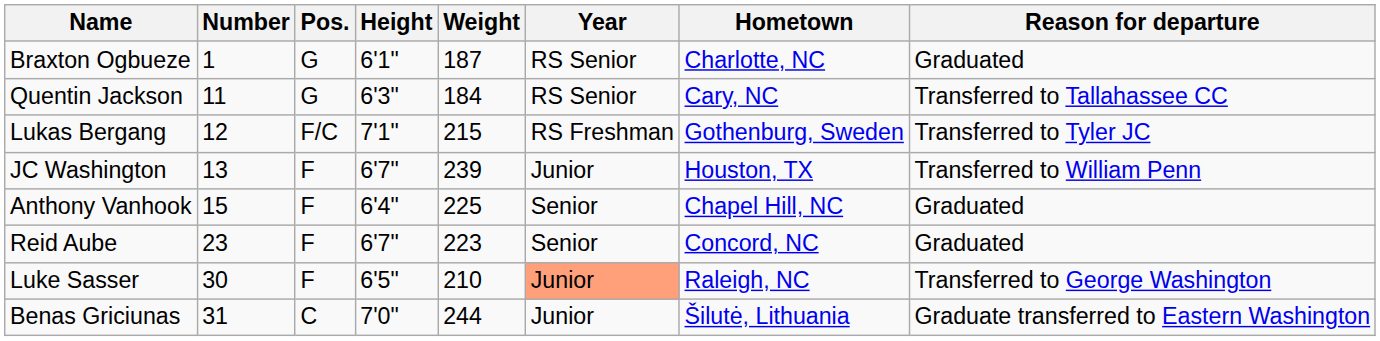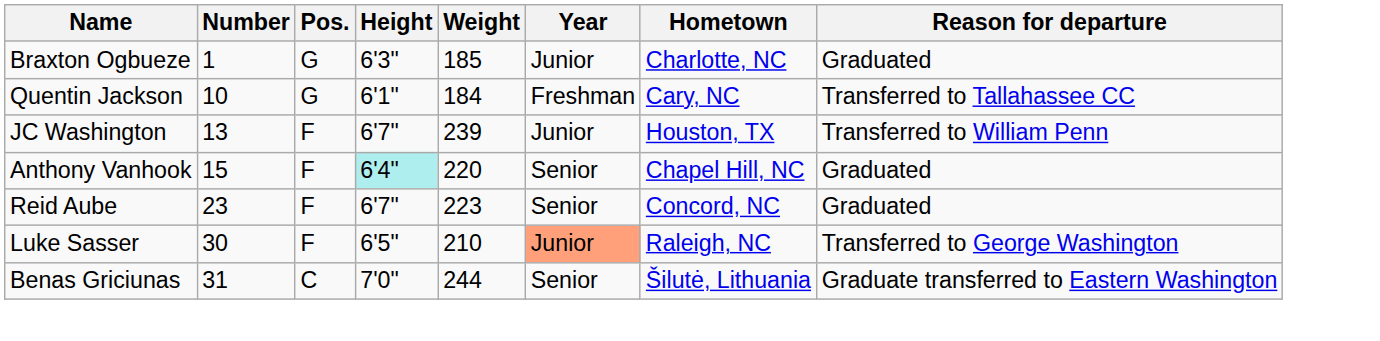 <table class="wikitable sortable" border="1">
 <tr>
 <th>Name</th>
 <th>Number</th>
 <th>Pos.</th>
 <th>Height</th>
 <th>Weight</th>
 <th>Year</th>
 <th>Hometown</th>
 <th>Reason for departure</th>
 </tr>
 <tr>
 <td>Braxton Ogbueze</td>
 <td>1</td>
 <td>G</td>
-<td>6'1"</td>
-<td>187</td>
-<td>RS Senior</td>
+<td>6'3"</td>
+<td>185</td>
+<td>Junior</td>
 <td><a href='#'>Charlotte, NC</a></td>
 <td>Graduated</td>
 </tr>
 <tr>
 <td>Quentin Jackson</td>
-<td>11</td>
+<td>10</td>
 <td>G</td>
-<td>6'3"</td>
+<td>6'1"</td>
 <td>184</td>
-<td>RS Senior</td>
+<td>Freshman</td>
 <td><a href='#'>Cary, NC</a></td>
 <td>Transferred to <a href='#'>Tallahassee CC</a></td>
-</tr>
-<tr>
-<td>Lukas Bergang</td>
-<td>12</td>
-<td>F/C</td>
-<td>7'1"</td>
-<td>215</td>
-<td>RS Freshman</td>
-<td><a href='#'>Gothenburg, Sweden</a></td>
-<td>Transferred to <a href='#'>Tyler JC</a></td>
 </tr>
 <tr>
 <td>JC Washington</td>
 <td>13</td>
 <td>F</td>
 <td>6'7"</td>
 <td>239</td>
 <td>Junior</td>
 <td><a href='#'>Houston, TX</a></td>
 <td>Transferred to <a href='#'>William Penn</a></td>
 </tr>
 <tr>
 <td>Anthony Vanhook</td>
 <td>15</td>
 <td>F</td>
-<td>6'4"</td>
-<td>225</td>
+<td style="background: paleturquoise;">6'4"</td>
+<td>220</td>
 <td>Senior</td>
 <td><a href='#'>Chapel Hill, NC</a></td>
 <td>Graduated</td>
 </tr>
 <tr>
 <td>Reid Aube</td>
 <td>23</td>
 <td>F</td>
 <td>6'7"</td>
 <td>223</td>
 <td>Senior</td>
 <td><a href='#'>Concord, NC</a></td>
 <td>Graduated</td>
 </tr>
 <tr>
 <td>Luke Sasser</td>
 <td>30</td>
 <td>F</td>
 <td>6'5"</td>
 <td>210</td>
 <td style="background: lightsalmon;">Junior</td>
 <td><a href='#'>Raleigh, NC</a></td>
 <td>Transferred to <a href='#'>George Washington</a></td>
 </tr>
 <tr>
 <td>Benas Griciunas</td>
 <td>31</td>
 <td>C</td>
 <td>7'0"</td>
 <td>244</td>
-<td>Junior</td>
+<td>Senior</td>
 <td><a href='#'>Šilutė, Lithuania</a></td>
 <td>Graduate transferred to <a href='#'>Eastern Washington</a></td>
 </tr>
 </table>
